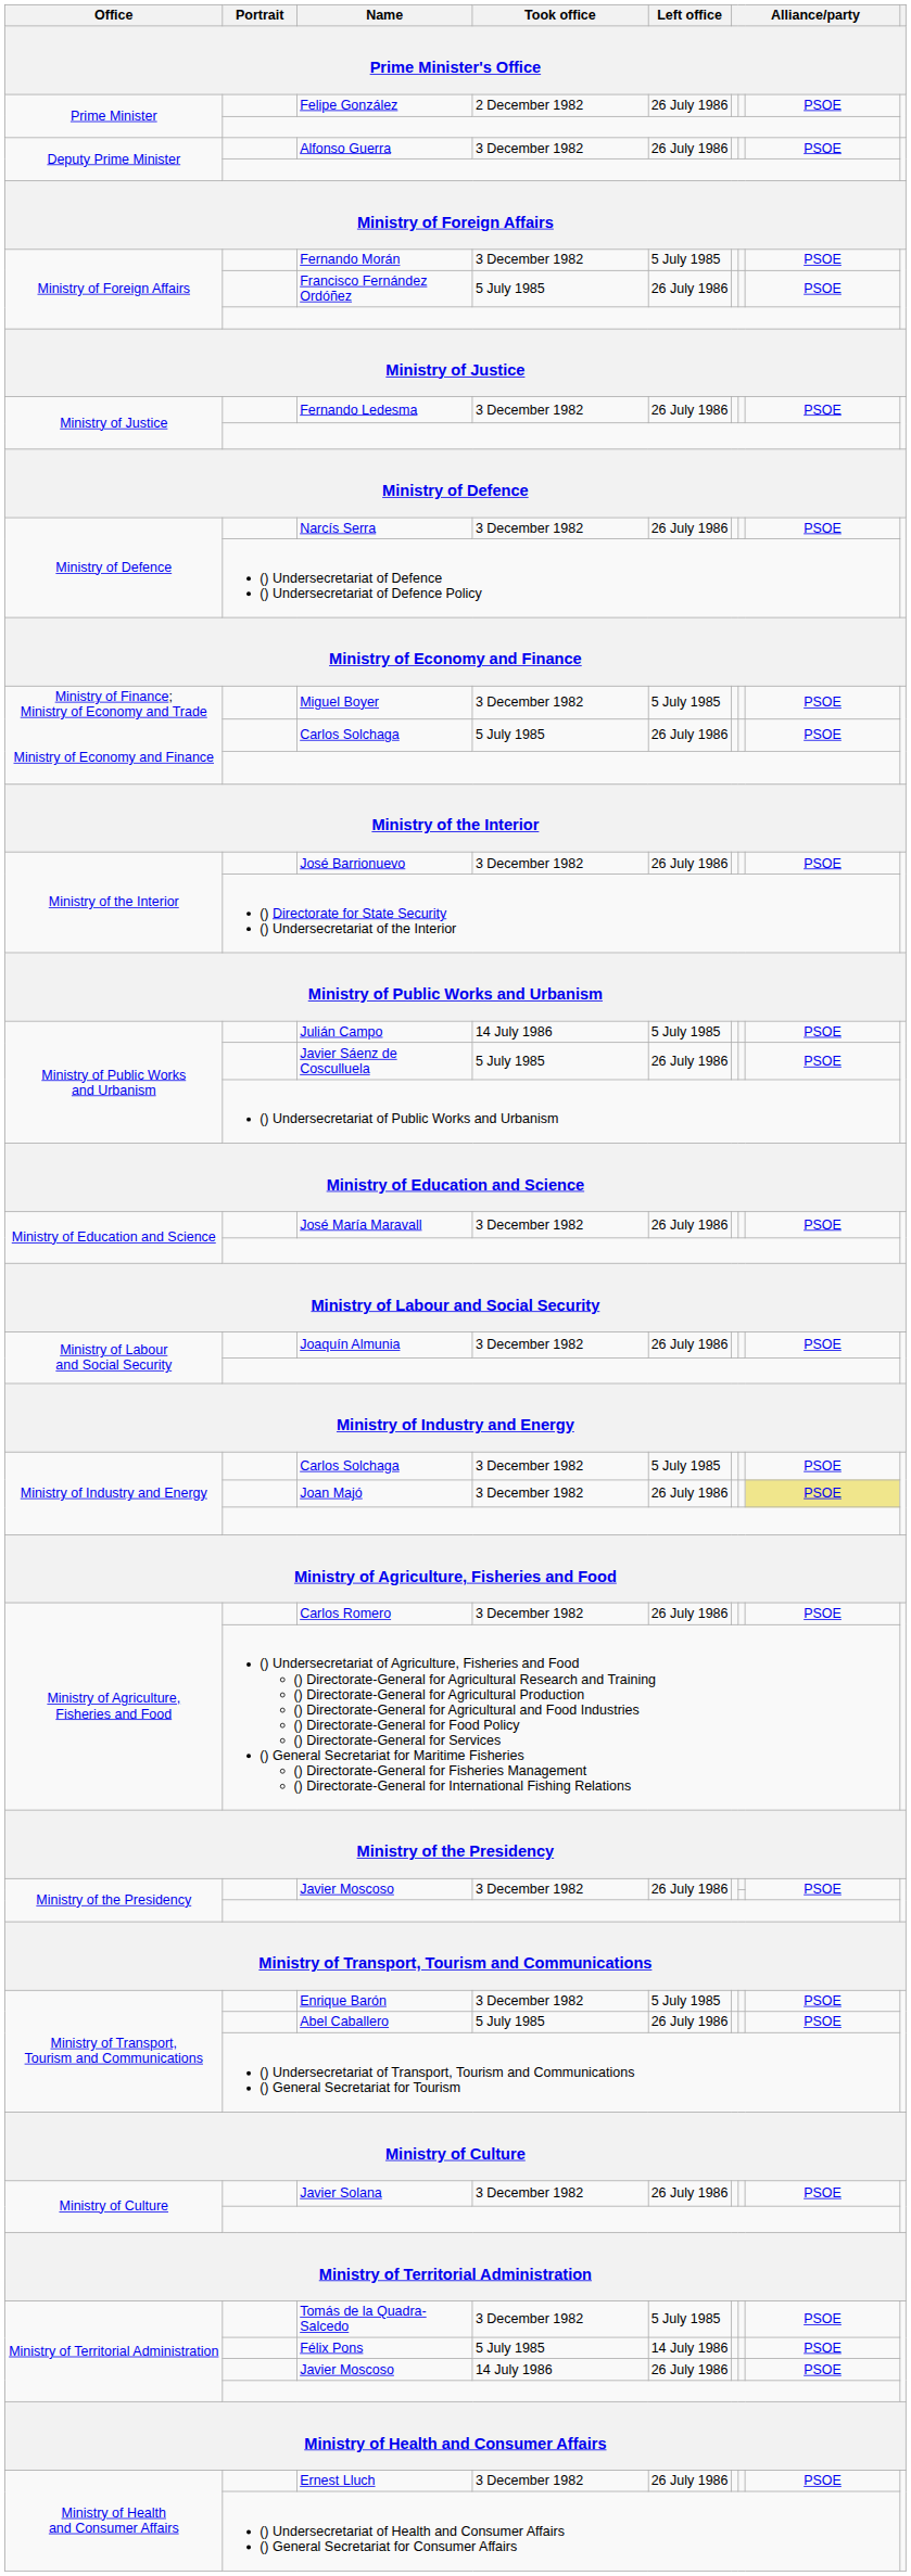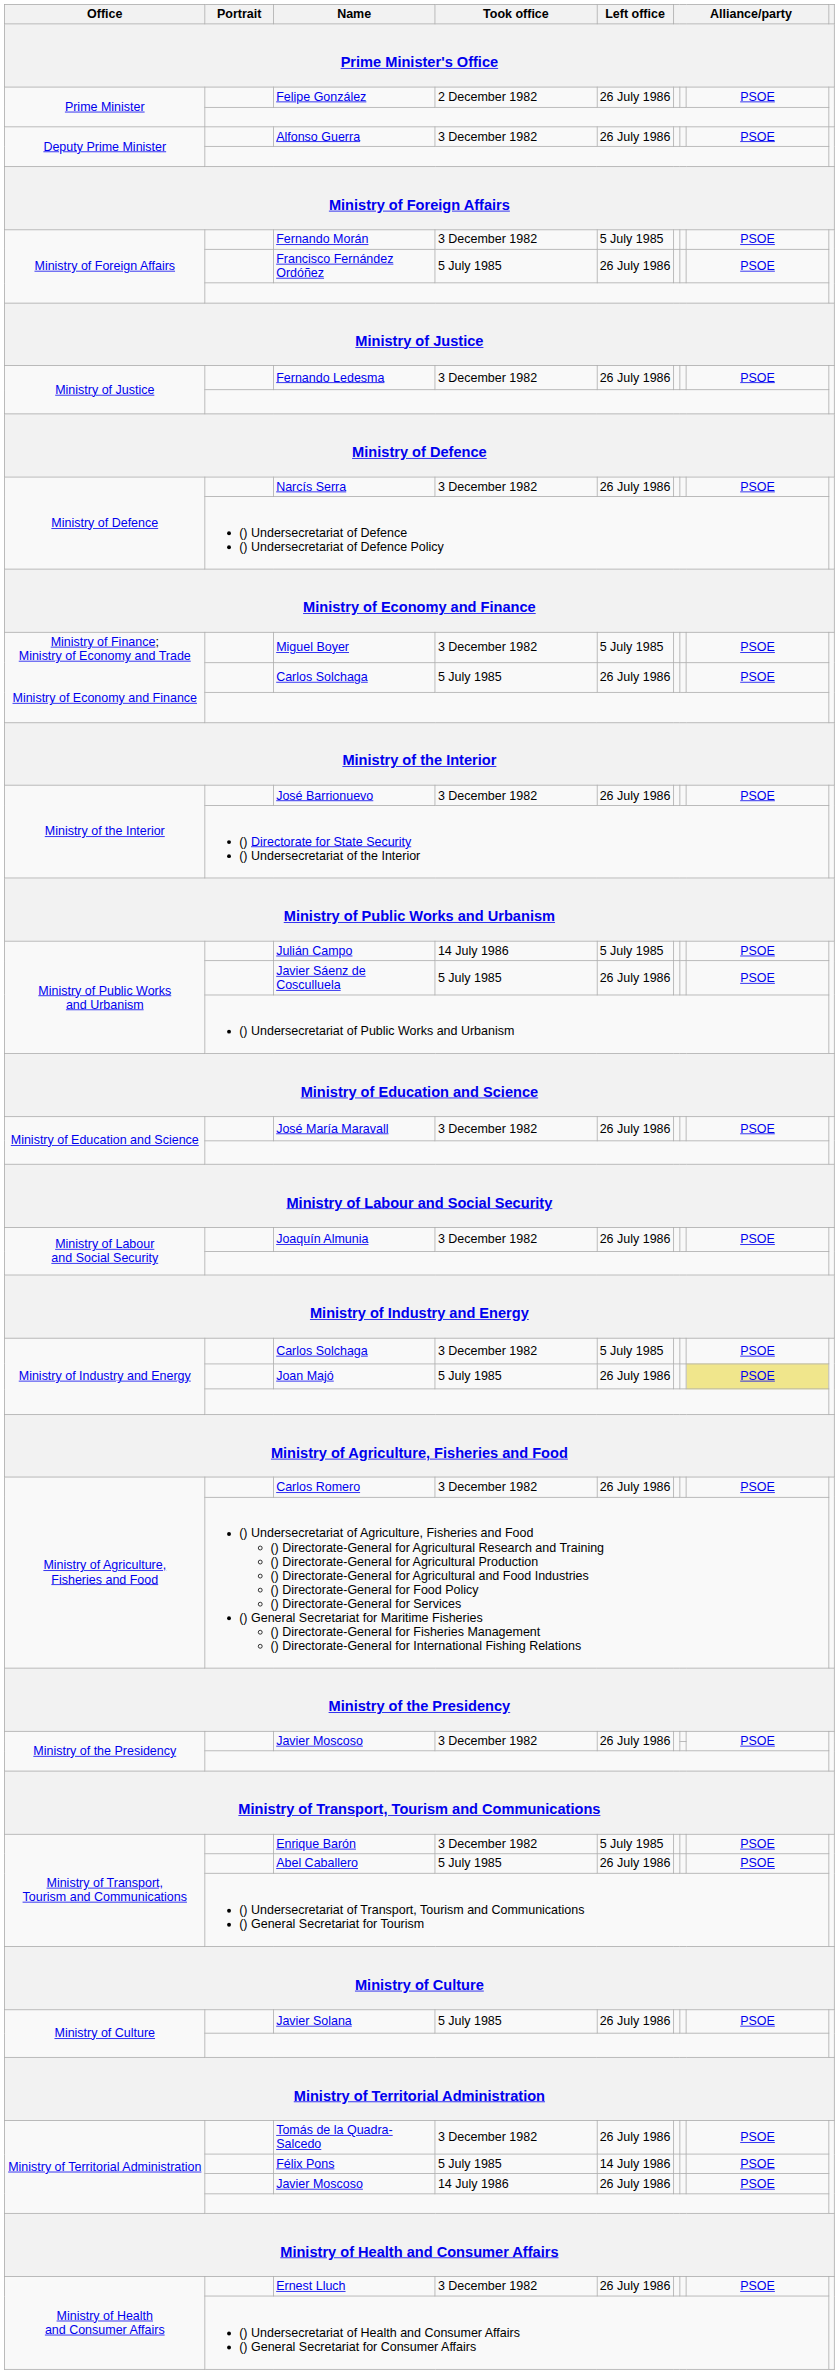 <table class="wikitable" style="line-height:18px;">
 <tr>
 <th scope="col">Office<br></th>
 <th scope="col">Portrait</th>
 <th scope="col">Name</th>
 <th scope="col">Took office</th>
 <th scope="col">Left office</th>
 <th colspan="3" scope="col">Alliance/party</th>
 <th></th>
 </tr>
 <tr>
 <th colspan="9"><br><h3><a href='#'>Prime Minister's Office</a></h3></th>
 </tr>
 <tr>
 <td align="center" rowspan="2" width="250"><a href='#'>Prime Minister</a><br></td>
 <td width="80"></td>
 <td width="200"><a href='#'>Felipe González</a></td>
 <td width="200">2 December 1982</td>
 <td>26 July 1986</td>
 <td width="1" style="background-color:"></td>
 <td width="1" style="background-color:"></td>
 <td width="175" align="center"><a href='#'>PSOE</a></td>
 <td align="center" rowspan="2"><br><br></td>
 </tr>
 <tr>
 <td colspan="7"><br></td>
 </tr>
 <tr>
 <td align="center" rowspan="2"><a href='#'>Deputy Prime Minister</a><br></td>
 <td></td>
 <td><a href='#'>Alfonso Guerra</a></td>
 <td>3 December 1982</td>
 <td>26 July 1986</td>
 <td style="background-color:"></td>
 <td style="background-color:"></td>
 <td align="center"><a href='#'>PSOE</a></td>
 <td align="center" rowspan="2"></td>
 </tr>
 <tr>
 <td colspan="7"><br></td>
 </tr>
 <tr>
 <th colspan="9"><br><h3><a href='#'>Ministry of Foreign Affairs</a></h3></th>
 </tr>
 <tr>
 <td align="center" rowspan="3"><a href='#'>Ministry of Foreign Affairs</a><br></td>
 <td></td>
 <td><a href='#'>Fernando Morán</a></td>
 <td>3 December 1982</td>
 <td>5 July 1985</td>
 <td style="background-color:"></td>
 <td style="background-color:"></td>
 <td align="center"><a href='#'>PSOE</a></td>
 <td align="center" rowspan="3"><br><br></td>
 </tr>
 <tr>
 <td></td>
 <td><a href='#'>Francisco Fernández Ordóñez</a></td>
 <td>5 July 1985</td>
 <td>26 July 1986</td>
 <td style="background-color:"></td>
 <td style="background-color:"></td>
 <td align="center"><a href='#'>PSOE</a></td>
 </tr>
 <tr>
 <td colspan="7"><br> </td>
 </tr>
 <tr>
 <th colspan="9"><br><h3><a href='#'>Ministry of Justice</a></h3></th>
 </tr>
 <tr>
 <td align="center" rowspan="2"><a href='#'>Ministry of Justice</a><br></td>
 <td></td>
 <td><a href='#'>Fernando Ledesma</a></td>
 <td>3 December 1982</td>
 <td>26 July 1986</td>
 <td style="background-color:"></td>
 <td style="background-color:"></td>
 <td align="center"><a href='#'>PSOE</a><br></td>
 <td align="center" rowspan="2"><br><br><br></td>
 </tr>
 <tr>
 <td colspan="7"><br> </td>
 </tr>
 <tr>
 <th colspan="9"><br><h3><a href='#'>Ministry of Defence</a></h3></th>
 </tr>
 <tr>
 <td align="center" rowspan="2"><a href='#'>Ministry of Defence</a><br></td>
 <td></td>
 <td><a href='#'>Narcís Serra</a></td>
 <td>3 December 1982</td>
 <td>26 July 1986</td>
 <td style="background-color:"></td>
 <td style="background-color:"></td>
 <td align="center"><a href='#'>PSOE</a><br></td>
 <td align="center" rowspan="2"></td>
 </tr>
 <tr>
 <td colspan="7"><br><ul><li>() Undersecretariat of Defence</li><li>() Undersecretariat of Defence Policy</li></ul></td>
 </tr>
 <tr>
 <th colspan="9"><br><h3><a href='#'>Ministry of Economy and Finance</a></h3></th>
 </tr>
 <tr>
 <td align="center" rowspan="3"><a href='#'>Ministry of Finance</a>;<br><a href='#'>Ministry of Economy and Trade</a><br><br><br><a href='#'>Ministry of Economy and Finance</a><br><br></td>
 <td></td>
 <td><a href='#'>Miguel Boyer</a></td>
 <td>3 December 1982</td>
 <td>5 July 1985</td>
 <td style="background-color:"></td>
 <td style="background-color:"></td>
 <td align="center"><a href='#'>PSOE</a></td>
 <td align="center" rowspan="3"><br><br><br></td>
 </tr>
 <tr>
 <td></td>
 <td><a href='#'>Carlos Solchaga</a></td>
 <td>5 July 1985</td>
 <td>26 July 1986</td>
 <td style="background-color:"></td>
 <td style="background-color:"></td>
 <td align="center"><a href='#'>PSOE</a></td>
 </tr>
 <tr>
 <td colspan="7"><br>   </td>
 </tr>
 <tr>
 <th colspan="9"><br><h3><a href='#'>Ministry of the Interior</a></h3></th>
 </tr>
 <tr>
 <td align="center" rowspan="2"><a href='#'>Ministry of the Interior</a><br></td>
 <td></td>
 <td><a href='#'>José Barrionuevo</a></td>
 <td>3 December 1982</td>
 <td>26 July 1986</td>
 <td style="background-color:"></td>
 <td style="background-color:"></td>
 <td align="center"><a href='#'>PSOE</a></td>
 <td align="center" rowspan="2"></td>
 </tr>
 <tr>
 <td colspan="7"><br><ul><li>() <a href='#'>Directorate for State Security</a></li><li>() Undersecretariat of the Interior</li></ul></td>
 </tr>
 <tr>
 <th colspan="9"><br><h3><a href='#'>Ministry of Public Works and Urbanism</a></h3></th>
 </tr>
 <tr>
 <td align="center" rowspan="3"><a href='#'>Ministry of Public Works<br>and Urbanism</a><br></td>
 <td></td>
 <td><a href='#'>Julián Campo</a></td>
 <td>14 July 1986</td>
 <td>5 July 1985</td>
 <td style="background-color:"></td>
 <td style="background-color:"></td>
 <td align="center"><a href='#'>PSOE</a></td>
 <td align="center" rowspan="3"></td>
 </tr>
 <tr>
 <td></td>
 <td><a href='#'>Javier Sáenz de Cosculluela</a></td>
 <td>5 July 1985</td>
 <td>26 July 1986</td>
 <td style="background-color:"></td>
 <td style="background-color:"></td>
 <td align="center"><a href='#'>PSOE</a></td>
 </tr>
 <tr>
 <td colspan="7"><br><ul><li>() Undersecretariat of Public Works and Urbanism</li></ul></td>
 </tr>
 <tr>
 <th colspan="9"><br><h3><a href='#'>Ministry of Education and Science</a></h3></th>
 </tr>
 <tr>
 <td align="center" rowspan="2"><a href='#'>Ministry of Education and Science</a><br></td>
 <td></td>
 <td><a href='#'>José María Maravall</a></td>
 <td>3 December 1982</td>
 <td>26 July 1986</td>
 <td style="background-color:"></td>
 <td style="background-color:"></td>
 <td align="center"><a href='#'>PSOE</a></td>
 <td align="center" rowspan="2"><br><br><br></td>
 </tr>
 <tr>
 <td colspan="7"><br>  </td>
 </tr>
 <tr>
 <th colspan="9"><br><h3><a href='#'>Ministry of Labour and Social Security</a></h3></th>
 </tr>
 <tr>
 <td align="center" rowspan="2"><a href='#'>Ministry of Labour<br>and Social Security</a><br></td>
 <td></td>
 <td><a href='#'>Joaquín Almunia</a></td>
 <td>3 December 1982</td>
 <td>26 July 1986</td>
 <td style="background-color:"></td>
 <td style="background-color:"></td>
 <td align="center"><a href='#'>PSOE</a></td>
 <td align="center" rowspan="2"><br><br><br></td>
 </tr>
 <tr>
 <td colspan="7"><br> </td>
 </tr>
 <tr>
 <th colspan="9"><br><h3><a href='#'>Ministry of Industry and Energy</a></h3></th>
 </tr>
 <tr>
 <td align="center" rowspan="3"><a href='#'>Ministry of Industry and Energy</a><br></td>
 <td></td>
 <td><a href='#'>Carlos Solchaga</a></td>
 <td>3 December 1982</td>
 <td>5 July 1985</td>
 <td style="background-color:"></td>
 <td style="background-color:"></td>
 <td align="center"><a href='#'>PSOE</a></td>
 <td align="center" rowspan="3"><br><br><br><br><br></td>
 </tr>
 <tr>
 <td></td>
 <td><a href='#'>Joan Majó</a></td>
-<td>3 December 1982</td>
+<td>5 July 1985</td>
 <td>26 July 1986</td>
 <td style="background-color:"></td>
 <td style="background-color:"></td>
 <td align="center" style="background: khaki;"><a href='#'>PSOE</a><br></td>
 </tr>
 <tr>
 <td colspan="7"><br> </td>
 </tr>
 <tr>
 <th colspan="9"><br><h3><a href='#'>Ministry of Agriculture, Fisheries and Food</a></h3></th>
 </tr>
 <tr>
 <td align="center" rowspan="2"><a href='#'>Ministry of Agriculture,<br>Fisheries and Food</a><br></td>
 <td></td>
 <td><a href='#'>Carlos Romero</a></td>
 <td>3 December 1982</td>
 <td>26 July 1986</td>
 <td style="background-color:"></td>
 <td style="background-color:"></td>
 <td align="center"><a href='#'>PSOE</a></td>
 <td align="center" rowspan="2"><br></td>
 </tr>
 <tr>
 <td colspan="7"><br><ul><li>() Undersecretariat of Agriculture, Fisheries and Food<ul><li>() Directorate-General for Agricultural Research and Training</li><li>() Directorate-General for Agricultural Production</li><li>() Directorate-General for Agricultural and Food Industries</li><li>() Directorate-General for Food Policy</li><li>() Directorate-General for Services</li></ul></li><li>() General Secretariat for Maritime Fisheries<ul><li>() Directorate-General for Fisheries Management</li><li>() Directorate-General for International Fishing Relations</li></ul></li></ul></td>
 </tr>
 <tr>
 <th colspan="9"><br><h3><a href='#'>Ministry of the Presidency</a></h3></th>
 </tr>
 <tr>
 <td align="center" rowspan="3"><a href='#'>Ministry of the Presidency</a><br></td>
 <td rowspan="2"></td>
 <td rowspan="2"><a href='#'>Javier Moscoso</a></td>
 <td rowspan="2">3 December 1982</td>
 <td rowspan="2">26 July 1986</td>
 <td rowspan="2" style="background-color:"></td>
 <td style="background-color:"></td>
 <td align="center" rowspan="2"><a href='#'>PSOE</a><br></td>
 <td align="center" rowspan="3"><br><br></td>
 </tr>
 <tr>
 <td style="background-color:"></td>
 </tr>
 <tr>
 <td colspan="7"><br></td>
 </tr>
 <tr>
 <th colspan="9"><br><h3><a href='#'>Ministry of Transport, Tourism and Communications</a></h3></th>
 </tr>
 <tr>
 <td align="center" rowspan="3"><a href='#'>Ministry of Transport,<br>Tourism and Communications</a><br></td>
 <td></td>
 <td><a href='#'>Enrique Barón</a></td>
 <td>3 December 1982</td>
 <td>5 July 1985</td>
 <td style="background-color:"></td>
 <td style="background-color:"></td>
 <td align="center"><a href='#'>PSOE</a></td>
 <td align="center" rowspan="3"><br></td>
 </tr>
 <tr>
 <td></td>
 <td><a href='#'>Abel Caballero</a></td>
 <td>5 July 1985</td>
 <td>26 July 1986</td>
 <td style="background-color:"></td>
 <td style="background-color:"></td>
 <td align="center"><a href='#'>PSOE</a></td>
 </tr>
 <tr>
 <td colspan="7"><br><ul><li>() Undersecretariat of Transport, Tourism and Communications</li><li>() General Secretariat for Tourism</li></ul></td>
 </tr>
 <tr>
 <th colspan="9"><br><h3><a href='#'>Ministry of Culture</a></h3></th>
 </tr>
 <tr>
 <td align="center" rowspan="2"><a href='#'>Ministry of Culture</a><br></td>
 <td></td>
 <td><a href='#'>Javier Solana</a></td>
-<td>3 December 1982</td>
+<td>5 July 1985</td>
 <td>26 July 1986</td>
 <td style="background-color:"></td>
 <td style="background-color:"></td>
 <td align="center"><a href='#'>PSOE</a></td>
 <td align="center" rowspan="2"><br><br><br></td>
 </tr>
 <tr>
 <td colspan="7"><br> </td>
 </tr>
 <tr>
 <th colspan="9"><br><h3><a href='#'>Ministry of Territorial Administration</a></h3></th>
 </tr>
 <tr>
 <td align="center" rowspan="4"><a href='#'>Ministry of Territorial Administration</a><br></td>
 <td></td>
 <td><a href='#'>Tomás de la Quadra-Salcedo</a></td>
 <td>3 December 1982</td>
-<td>5 July 1985</td>
+<td>26 July 1986</td>
 <td style="background-color:"></td>
 <td style="background-color:"></td>
 <td align="center"><a href='#'>PSOE</a></td>
 <td align="center" rowspan="4"></td>
 </tr>
 <tr>
 <td></td>
 <td><a href='#'>Félix Pons</a></td>
 <td>5 July 1985</td>
 <td>14 July 1986<br></td>
 <td style="background-color:"></td>
 <td style="background-color:"></td>
 <td align="center"><a href='#'>PSOE</a></td>
 </tr>
 <tr>
 <td></td>
 <td><a href='#'>Javier Moscoso</a><br></td>
 <td>14 July 1986</td>
 <td>26 July 1986</td>
 <td style="background-color:"></td>
 <td style="background-color:"></td>
 <td align="center"><a href='#'>PSOE</a><br></td>
 </tr>
 <tr>
 <td colspan="7"><br></td>
 </tr>
 <tr>
 <th colspan="9"><br><h3><a href='#'>Ministry of Health and Consumer Affairs</a></h3></th>
 </tr>
 <tr>
 <td align="center" rowspan="2"><a href='#'>Ministry of Health<br>and Consumer Affairs</a><br></td>
 <td></td>
 <td><a href='#'>Ernest Lluch</a></td>
 <td>3 December 1982</td>
 <td>26 July 1986</td>
 <td style="background-color:"></td>
 <td style="background-color:"></td>
 <td align="center"><a href='#'>PSOE</a><br></td>
 <td align="center" rowspan="2"></td>
 </tr>
 <tr>
 <td colspan="7"><br><ul><li>() Undersecretariat of Health and Consumer Affairs</li><li>() General Secretariat for Consumer Affairs</li></ul></td>
 </tr>
 </table>
